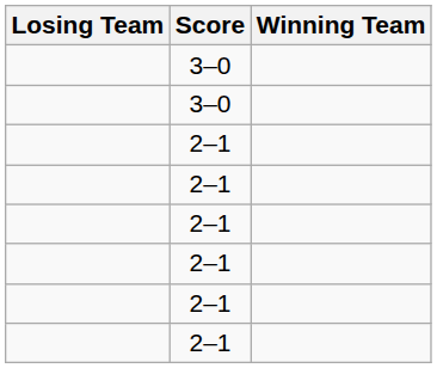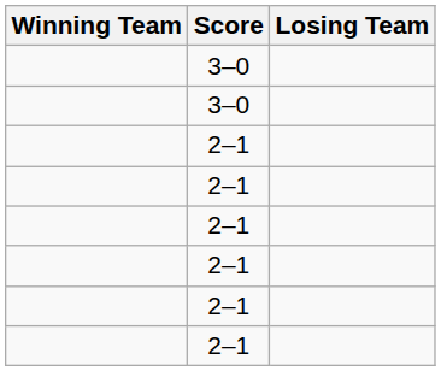 <table class=wikitable style="border:1px solid #AAAAAA;">
 <tr>
+<th>Winning Team</th>
+<th>Score</th>
 <th>Losing Team</th>
-<th>Score</th>
-<th>Winning Team</th>
 </tr>
 <tr>
+<td><strong></strong></td>
+<td align="center">3–0</td>
 <td></td>
-<td align="center">3–0</td>
-<td><strong></strong></td>
 </tr>
 <tr>
+<td><strong></strong></td>
+<td align="center">3–0</td>
 <td></td>
-<td align="center">3–0</td>
-<td><strong></strong></td>
 </tr>
 <tr>
+<td><strong></strong></td>
+<td align="center">2–1</td>
 <td></td>
-<td align="center">2–1</td>
-<td><strong></strong></td>
 </tr>
 <tr>
+<td><strong></strong></td>
+<td align="center">2–1</td>
 <td></td>
-<td align="center">2–1</td>
-<td><strong></strong></td>
 </tr>
 <tr>
+<td><strong></strong></td>
+<td align="center">2–1</td>
 <td></td>
-<td align="center">2–1</td>
-<td><strong></strong></td>
 </tr>
 <tr>
+<td><strong></strong></td>
+<td align="center">2–1</td>
 <td></td>
-<td align="center">2–1</td>
-<td><strong></strong></td>
 </tr>
 <tr>
+<td><strong></strong></td>
+<td align="center">2–1</td>
 <td></td>
-<td align="center">2–1</td>
-<td><strong></strong></td>
 </tr>
 <tr>
+<td><strong></strong></td>
+<td align="center">2–1</td>
 <td></td>
-<td align="center">2–1</td>
-<td><strong></strong></td>
 </tr>
 </table>
